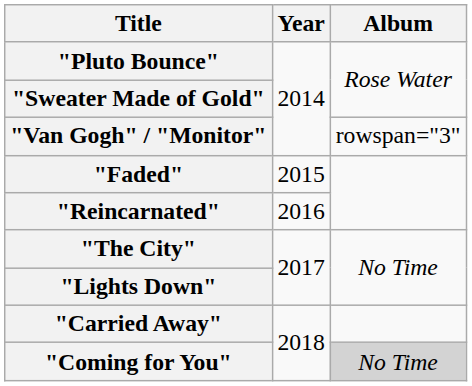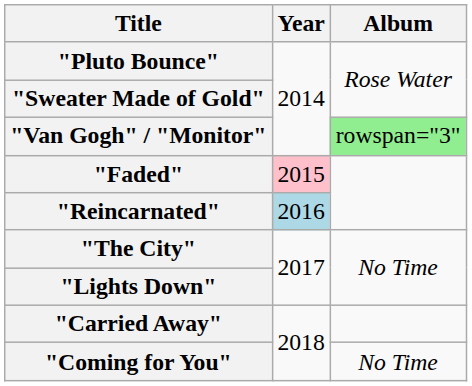 <table class="wikitable plainrowheaders" style="text-align:center;" border="1">
 <tr>
 <th>Title</th>
 <th>Year</th>
 <th>Album</th>
 </tr>
 <tr>
 <th scope="row">"Pluto Bounce"</th>
 <td rowspan="3">2014</td>
 <td rowspan="2"><em>Rose Water</em></td>
 </tr>
 <tr>
 <th scope="row">"Sweater Made of Gold"</th>
 </tr>
 <tr>
 <th scope="row">"Van Gogh" / "Monitor"</th>
-<td>rowspan="3" </td>
+<td style="background: lightgreen;">rowspan="3" </td>
 </tr>
 <tr>
 <th scope="row">"Faded"</th>
-<td>2015</td>
+<td style="background: pink;">2015</td>
 </tr>
 <tr>
 <th scope="row">"Reincarnated"</th>
-<td>2016</td>
+<td style="background: lightblue;">2016</td>
 </tr>
 <tr>
 <th scope="row">"The City"</th>
 <td rowspan="2">2017</td>
 <td rowspan="2"><em>No Time</em></td>
 </tr>
 <tr>
 <th scope="row">"Lights Down" </th>
 </tr>
 <tr>
 <th scope="row">"Carried Away" </th>
 <td rowspan="2">2018</td>
 <td></td>
 </tr>
 <tr>
 <th scope="row">"Coming for You"</th>
-<td style="background: lightgrey;"><em>No Time</em></td>
+<td><em>No Time</em></td>
 </tr>
 </table>
